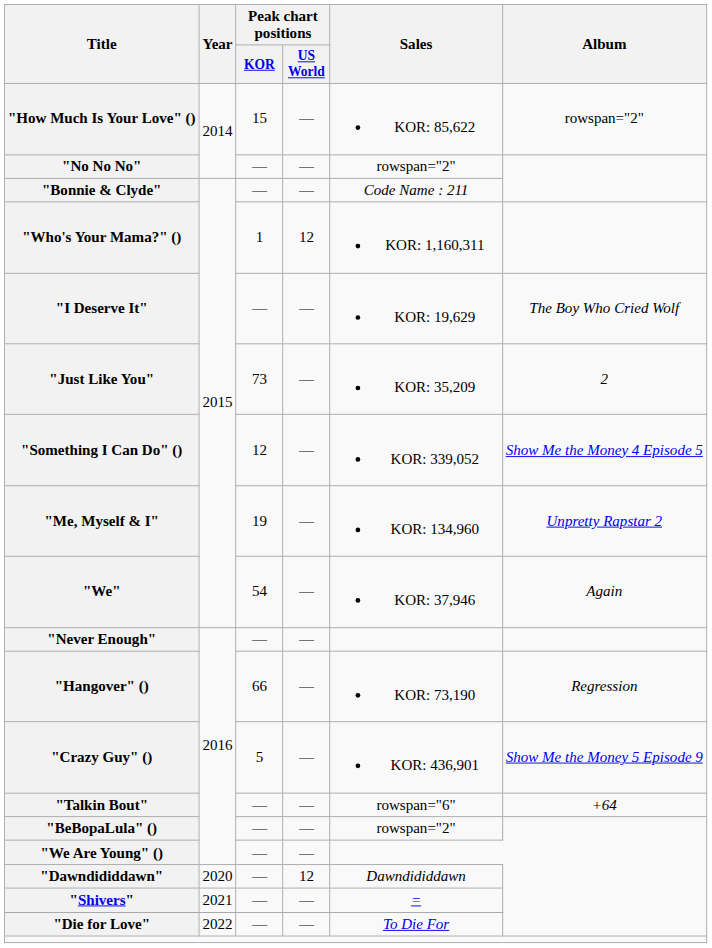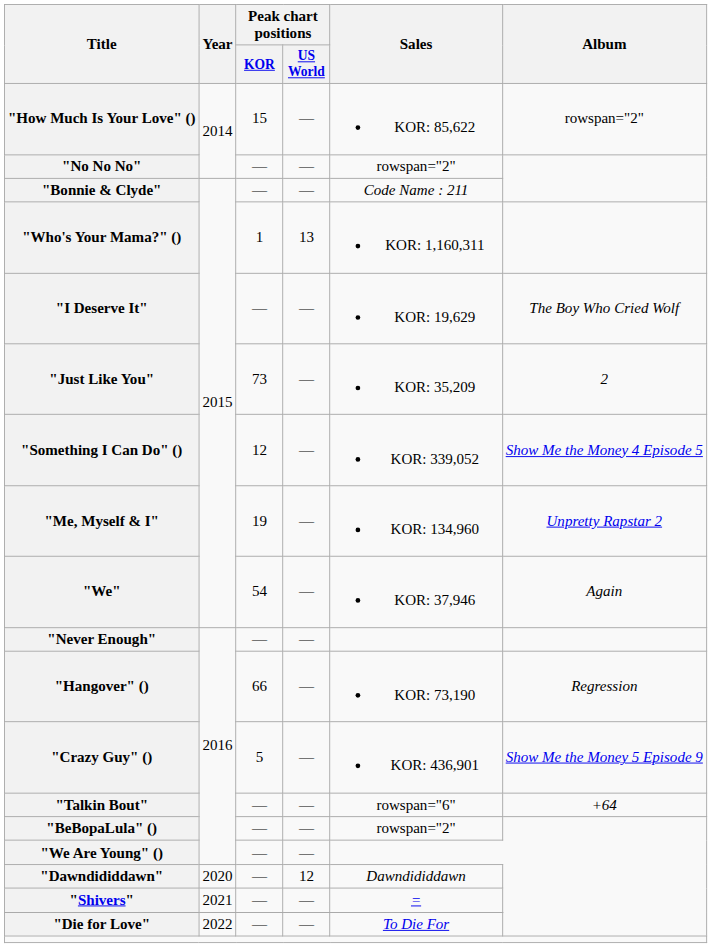 <table class="wikitable plainrowheaders" style="text-align:center;">
 <tr>
 <th scope="col" rowspan="2">Title</th>
 <th scope="col" rowspan="2">Year</th>
 <th scope="col" colspan="2" style="width:5em;">Peak chart positions</th>
 <th scope="col" rowspan="2" style="width:11em;">Sales</th>
 <th scope="col" rowspan="2">Album</th>
 </tr>
 <tr>
 <th scope="col" style="width:3em;font-size:90%;"><a href='#'>KOR</a><br></th>
 <th scope="col" style="width:3em;font-size:90%;"><a href='#'>US World</a><br></th>
 </tr>
 <tr>
 <th scope="row">"How Much Is Your Love" () </th>
 <td rowspan="2">2014</td>
 <td>15</td>
 <td>—</td>
 <td><br><ul><li>KOR: 85,622</li></ul></td>
 <td>rowspan="2" </td>
 </tr>
 <tr>
 <th scope="row">"No No No" </th>
 <td>—</td>
 <td>—</td>
 <td>rowspan="2" </td>
 </tr>
 <tr>
 <th scope="row">"Bonnie & Clyde" </th>
 <td rowspan="7">2015</td>
 <td>—</td>
 <td>—</td>
 <td><em>Code Name : 211</em></td>
 </tr>
 <tr>
 <th scope="row">"Who's Your Mama?" () </th>
 <td>1</td>
-<td>12</td>
+<td>13</td>
 <td><br><ul><li>KOR: 1,160,311</li></ul></td>
 <td></td>
 </tr>
 <tr>
 <th scope="row">"I Deserve It" </th>
 <td>—</td>
 <td>—</td>
 <td><br><ul><li>KOR: 19,629</li></ul></td>
 <td><em>The Boy Who Cried Wolf</em></td>
 </tr>
 <tr>
 <th scope="row">"Just Like You" </th>
 <td>73</td>
 <td>—</td>
 <td><br><ul><li>KOR: 35,209</li></ul></td>
 <td><em>2</em></td>
 </tr>
 <tr>
 <th scope="row">"Something I Can Do" () </th>
 <td>12</td>
 <td>—</td>
 <td><br><ul><li>KOR: 339,052</li></ul></td>
 <td><em><a href='#'>Show Me the Money 4 Episode 5</a></em></td>
 </tr>
 <tr>
 <th scope="row">"Me, Myself & I" </th>
 <td>19</td>
 <td>—</td>
 <td><br><ul><li>KOR: 134,960</li></ul></td>
 <td><em><a href='#'>Unpretty Rapstar 2</a></em></td>
 </tr>
 <tr>
 <th scope="row">"We" </th>
 <td>54</td>
 <td>—</td>
 <td><br><ul><li>KOR: 37,946</li></ul></td>
 <td><em>Again</em></td>
 </tr>
 <tr>
 <th scope="row">"Never Enough" </th>
 <td rowspan="6">2016</td>
 <td>—</td>
 <td>—</td>
 <td></td>
 <td></td>
 </tr>
 <tr>
 <th scope="row">"Hangover" () </th>
 <td>66</td>
 <td>—</td>
 <td><br><ul><li>KOR: 73,190</li></ul></td>
 <td><em>Regression</em></td>
 </tr>
 <tr>
 <th scope="row">"Crazy Guy" () </th>
 <td>5</td>
 <td>—</td>
 <td><br><ul><li>KOR: 436,901</li></ul></td>
 <td><em><a href='#'>Show Me the Money 5 Episode 9</a></em></td>
 </tr>
 <tr>
 <th scope="row">"Talkin Bout" </th>
 <td>—</td>
 <td>—</td>
 <td>rowspan="6" </td>
 <td><em>+64</em></td>
 </tr>
 <tr>
 <th scope="row">"BeBopaLula" () </th>
 <td>—</td>
 <td>—</td>
 <td>rowspan="2" </td>
 </tr>
 <tr>
 <th scope="row">"We Are Young" ()</th>
 <td>—</td>
 <td>—</td>
 </tr>
 <tr>
 <th scope="row">"Dawndididdawn" </th>
 <td rowspan>2020</td>
 <td>—</td>
 <td>12</td>
 <td><em>Dawndididdawn</em></td>
 </tr>
 <tr>
 <th scope=row>"<a href='#'>Shivers</a>" </th>
 <td>2021</td>
 <td>—</td>
 <td>—</td>
 <td><em><a href='#'>=</a></em></td>
 </tr>
 <tr>
 </tr>
 <tr>
 <th scope="row">"Die for Love" </th>
 <td>2022</td>
 <td>—</td>
 <td>—</td>
 <td><em><a href='#'>To Die For</a></em></td>
 </tr>
 <tr>
 <td colspan="6"></td>
 </tr>
 </table>
